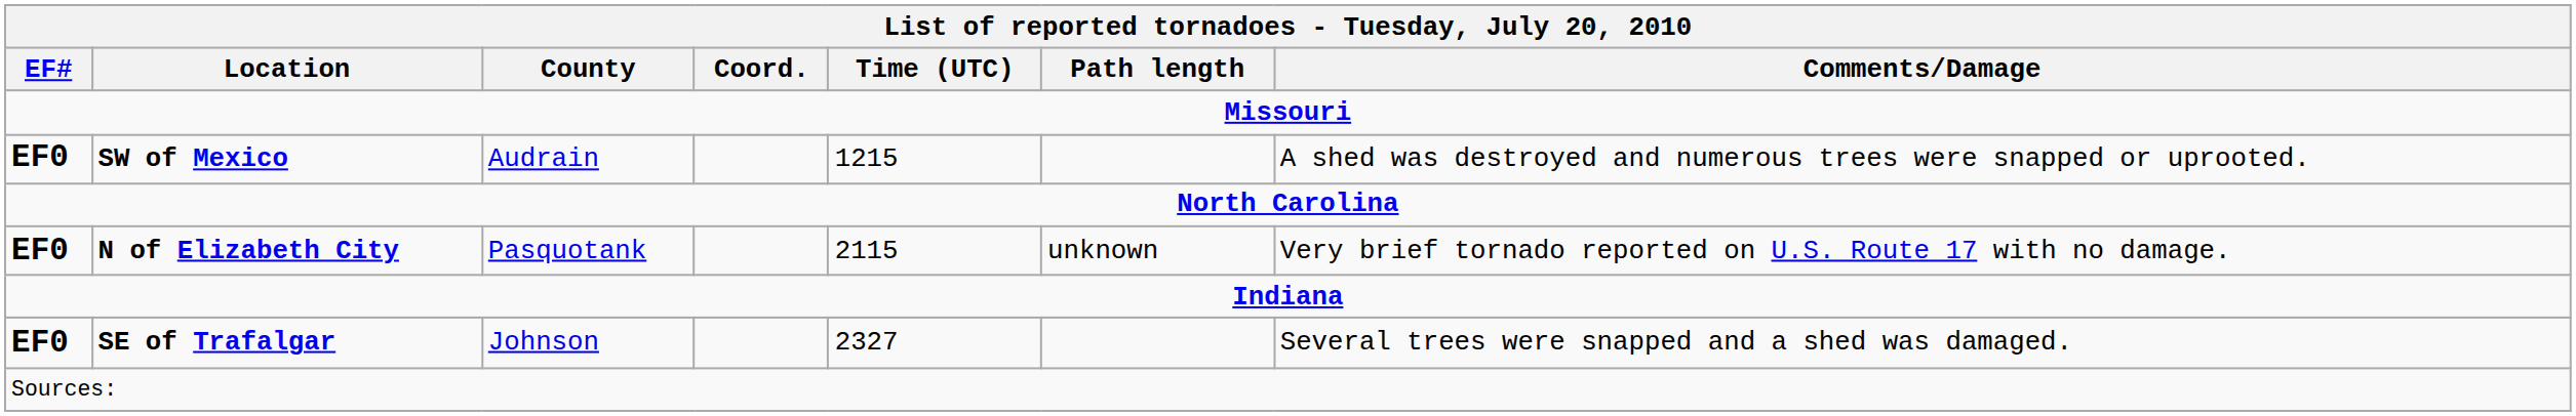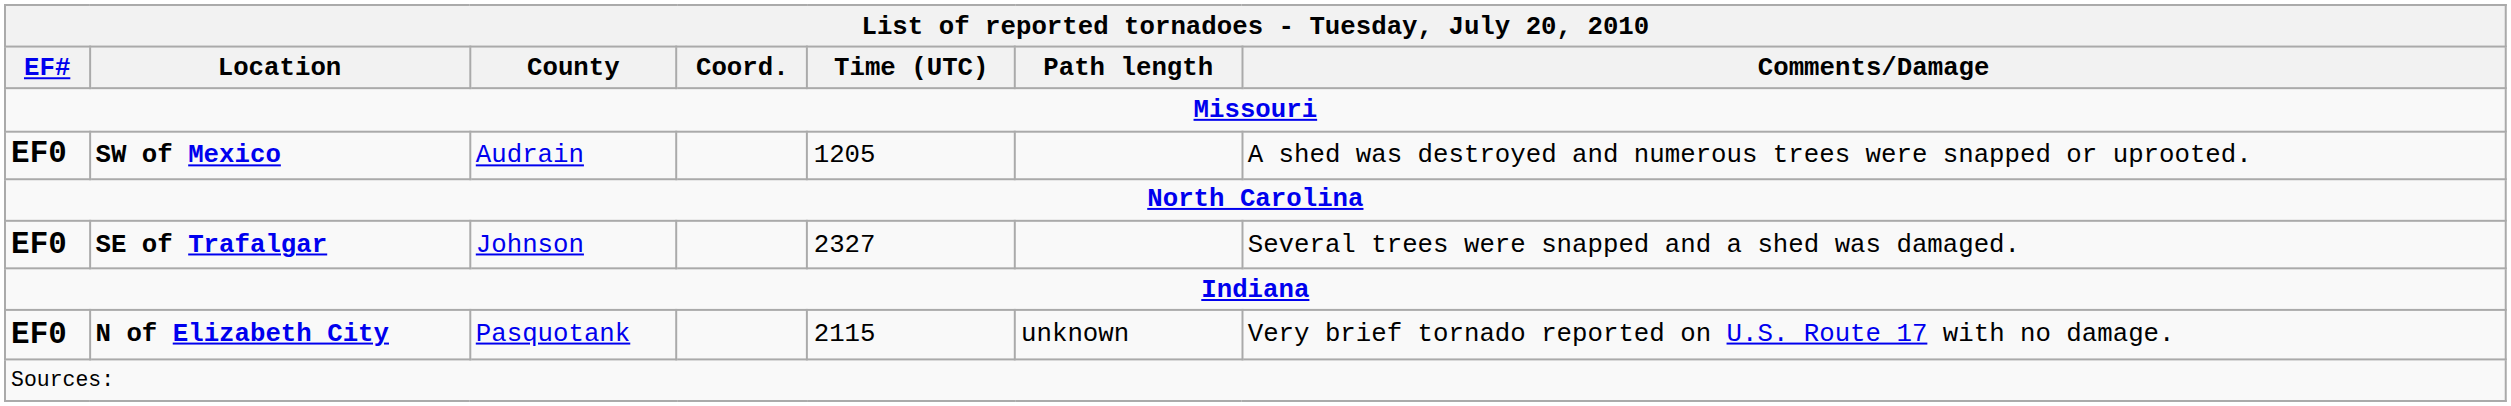 <table class="wikitable collapsible" style="width:100%;">
 <tr>
 <th colspan="7">List of reported tornadoes - Tuesday, July 20, 2010</th>
 </tr>
 <tr>
 <th><a href='#'>EF#</a></th>
 <th>Location</th>
 <th>County</th>
 <th>Coord.</th>
 <th>Time (UTC)</th>
 <th>Path length</th>
 <th>Comments/Damage</th>
 </tr>
 <tr>
 <td colspan="7" style="text-align:center;"><strong><a href='#'>Missouri</a></strong></td>
 </tr>
 <tr>
 <td><big><strong>EF0</strong></big></td>
 <td><strong>SW of <a href='#'>Mexico</a></strong></td>
 <td><a href='#'>Audrain</a></td>
 <td></td>
-<td>1215</td>
+<td>1205</td>
 <td></td>
 <td>A shed was destroyed and numerous trees were snapped or uprooted.</td>
 </tr>
 <tr>
 <td colspan="7" style="text-align:center;"><strong><a href='#'>North Carolina</a></strong></td>
+</tr>
+<tr>
+<td><big><strong>EF0</strong></big></td>
+<td><strong>SE of <a href='#'>Trafalgar</a></strong></td>
+<td><a href='#'>Johnson</a></td>
+<td></td>
+<td>2327</td>
+<td></td>
+<td>Several trees were snapped and a shed was damaged.</td>
+</tr>
+<tr>
+<td colspan="7" style="text-align:center;"><strong><a href='#'>Indiana</a></strong></td>
 </tr>
 <tr>
 <td><big><strong>EF0</strong></big></td>
 <td><strong>N of <a href='#'>Elizabeth City</a></strong></td>
 <td><a href='#'>Pasquotank</a></td>
 <td></td>
 <td>2115</td>
 <td>unknown</td>
 <td>Very brief tornado reported on <a href='#'>U.S. Route 17</a> with no damage.</td>
 </tr>
 <tr>
-<td colspan="7" style="text-align:center;"><strong><a href='#'>Indiana</a></strong></td>
-</tr>
-<tr>
-<td><big><strong>EF0</strong></big></td>
-<td><strong>SE of <a href='#'>Trafalgar</a></strong></td>
-<td><a href='#'>Johnson</a></td>
-<td></td>
-<td>2327</td>
-<td></td>
-<td>Several trees were snapped and a shed was damaged.</td>
-</tr>
-<tr>
 <td colspan="7"><small>Sources: </small></td>
 </tr>
 </table>
